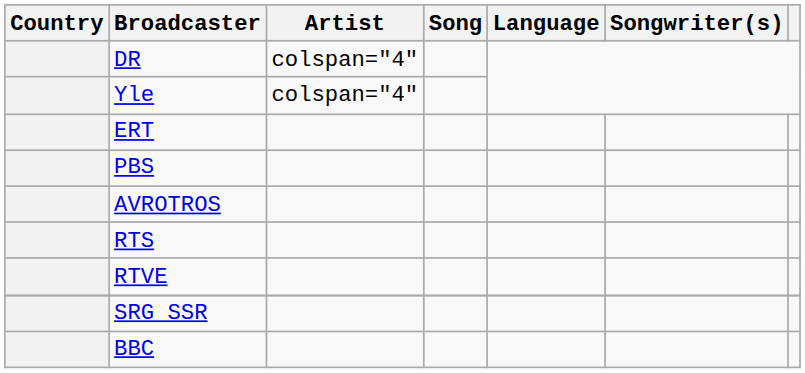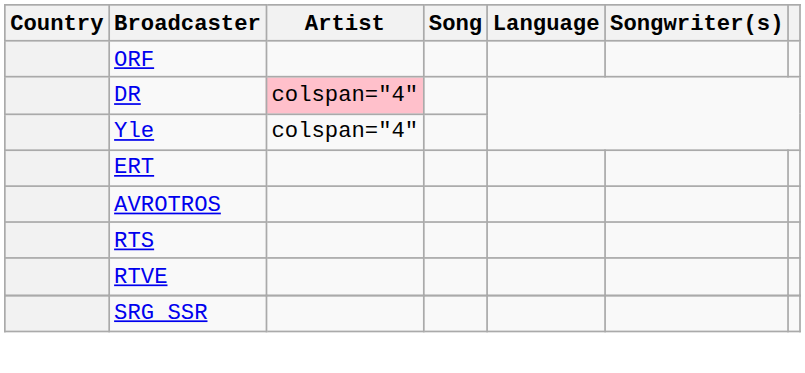 <table class="wikitable plainrowheaders sticky-header">
 <tr>
 <th scope="col">Country</th>
 <th scope="col">Broadcaster</th>
 <th scope="col">Artist</th>
 <th scope="col">Song</th>
 <th scope="col">Language</th>
 <th scope="col">Songwriter(s)</th>
 <th scope="col"></th>
 </tr>
 <tr>
 <th scope="row"></th>
+<td><a href='#'>ORF</a></td>
+<td></td>
+<td></td>
+<td></td>
+<td></td>
+<td style="text-align:center;"></td>
+</tr>
+<tr>
+<th scope="row"></th>
 <td><a href='#'>DR</a></td>
-<td>colspan="4" </td>
+<td style="background: pink;">colspan="4" </td>
 <td style="text-align:center;"></td>
 </tr>
 <tr>
 <th scope="row"></th>
 <td><a href='#'>Yle</a></td>
 <td>colspan="4" </td>
 <td style="text-align:center;"></td>
 </tr>
 <tr>
 <th scope="row"></th>
 <td><a href='#'>ERT</a></td>
-<td></td>
-<td></td>
-<td></td>
-<td></td>
-<td style="text-align:center;"></td>
-</tr>
-<tr>
-<th scope="row"></th>
-<td><a href='#'>PBS</a></td>
 <td></td>
 <td></td>
 <td></td>
 <td></td>
 <td style="text-align:center;"></td>
 </tr>
 <tr>
 <th scope="row"></th>
 <td><a href='#'>AVROTROS</a></td>
 <td></td>
 <td></td>
 <td></td>
 <td></td>
 <td style="text-align:center;"></td>
 </tr>
 <tr>
 <th scope="row"></th>
 <td><a href='#'>RTS</a></td>
 <td></td>
 <td></td>
 <td></td>
 <td></td>
 <td style="text-align:center;"></td>
 </tr>
 <tr>
 <th scope="row"></th>
 <td><a href='#'>RTVE</a></td>
 <td></td>
 <td></td>
 <td></td>
 <td></td>
 <td style="text-align:center;"></td>
 </tr>
 <tr>
 </tr>
 <tr>
 <th scope="row"></th>
 <td><a href='#'>SRG SSR</a></td>
 <td></td>
 <td></td>
 <td></td>
 <td></td>
 <td style="text-align:center;"></td>
 </tr>
-<tr>
-<th scope="row"></th>
-<td><a href='#'>BBC</a></td>
-<td></td>
-<td></td>
-<td></td>
-<td></td>
-<td style="text-align:center;"></td>
-</tr>
 </table>
